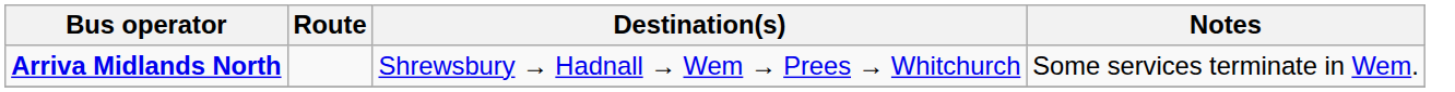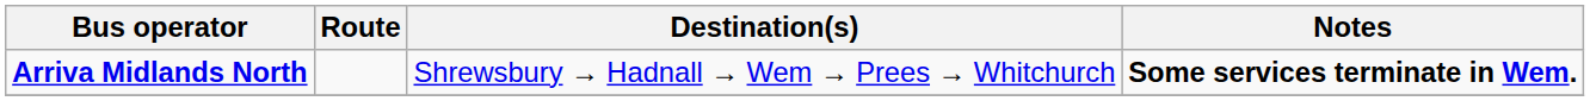 <table class="wikitable">
 <tr>
 <th>Bus operator</th>
 <th>Route</th>
 <th>Destination(s)</th>
 <th>Notes</th>
 </tr>
 <tr>
 <td><strong><a href='#'>Arriva Midlands North</a></strong></td>
 <td><strong></strong></td>
 <td><a href='#'>Shrewsbury</a> → <a href='#'>Hadnall</a> → <a href='#'>Wem</a> → <a href='#'>Prees</a> → <a href='#'>Whitchurch</a></td>
-<td>Some services terminate in <a href='#'>Wem</a>.</td>
+<td><strong>Some services terminate in <a href='#'>Wem</a>.</strong></td>
 </tr>
 <tr>
 </tr>
 </table>
